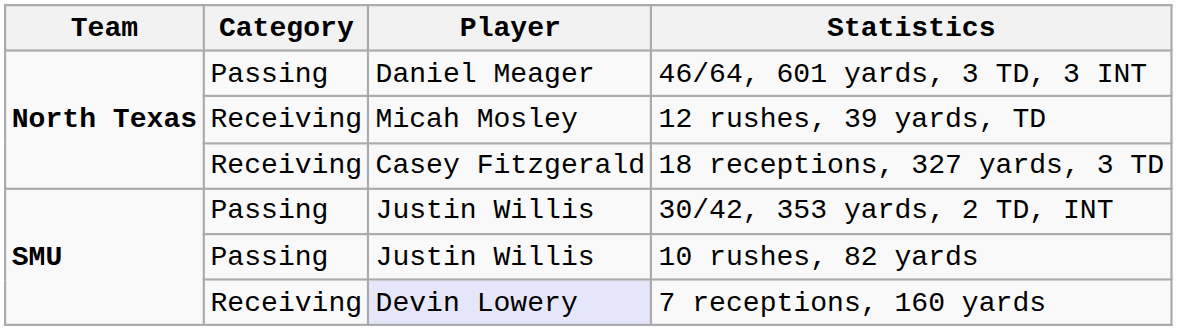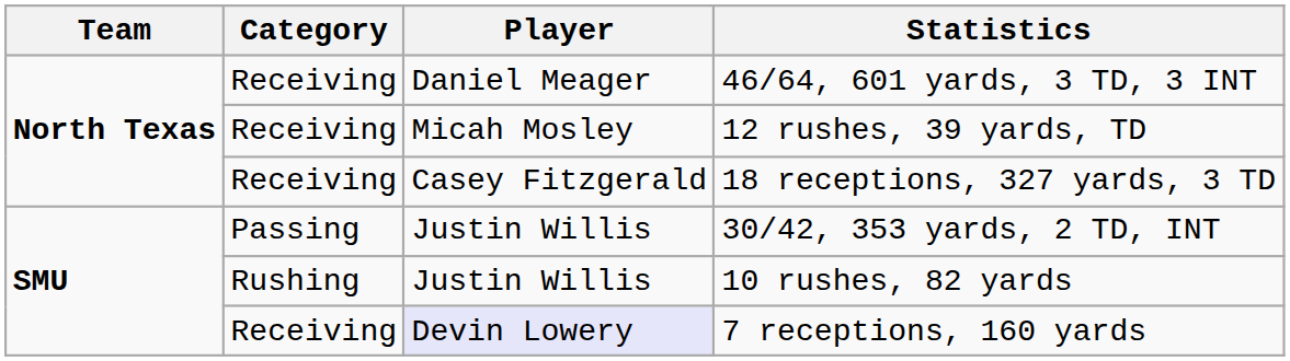 <table class="wikitable" style="float: left;">
 <tr>
 <th>Team</th>
 <th>Category</th>
 <th>Player</th>
 <th>Statistics</th>
 </tr>
 <tr>
 <td rowspan=3><strong>North Texas</strong></td>
-<td>Passing</td>
+<td>Receiving</td>
 <td>Daniel Meager</td>
 <td>46/64, 601 yards, 3 TD, 3 INT</td>
 </tr>
 <tr>
 <td>Receiving</td>
 <td>Micah Mosley</td>
 <td>12 rushes, 39 yards, TD</td>
 </tr>
 <tr>
 <td>Receiving</td>
 <td>Casey Fitzgerald</td>
 <td>18 receptions, 327 yards, 3 TD</td>
 </tr>
 <tr>
 <td rowspan=3><strong>SMU</strong></td>
 <td>Passing</td>
 <td>Justin Willis</td>
 <td>30/42, 353 yards, 2 TD, INT</td>
 </tr>
 <tr>
-<td>Passing</td>
+<td>Rushing</td>
 <td>Justin Willis</td>
 <td>10 rushes, 82 yards</td>
 </tr>
 <tr>
 <td>Receiving</td>
 <td style="background: lavender;">Devin Lowery</td>
 <td>7 receptions, 160 yards</td>
 </tr>
 </table>
